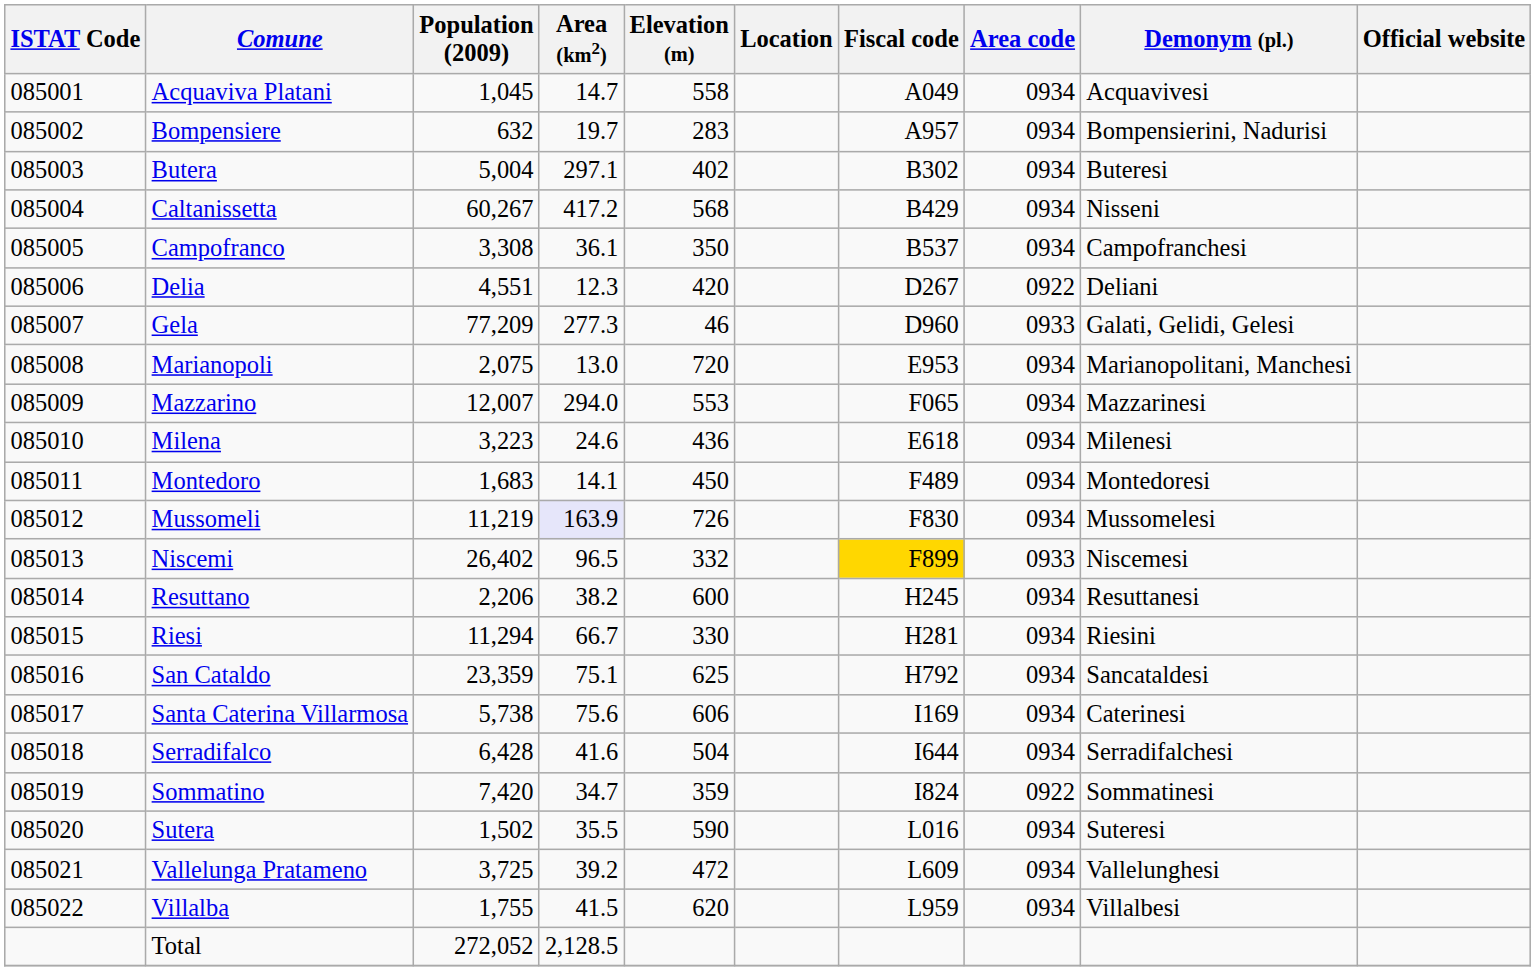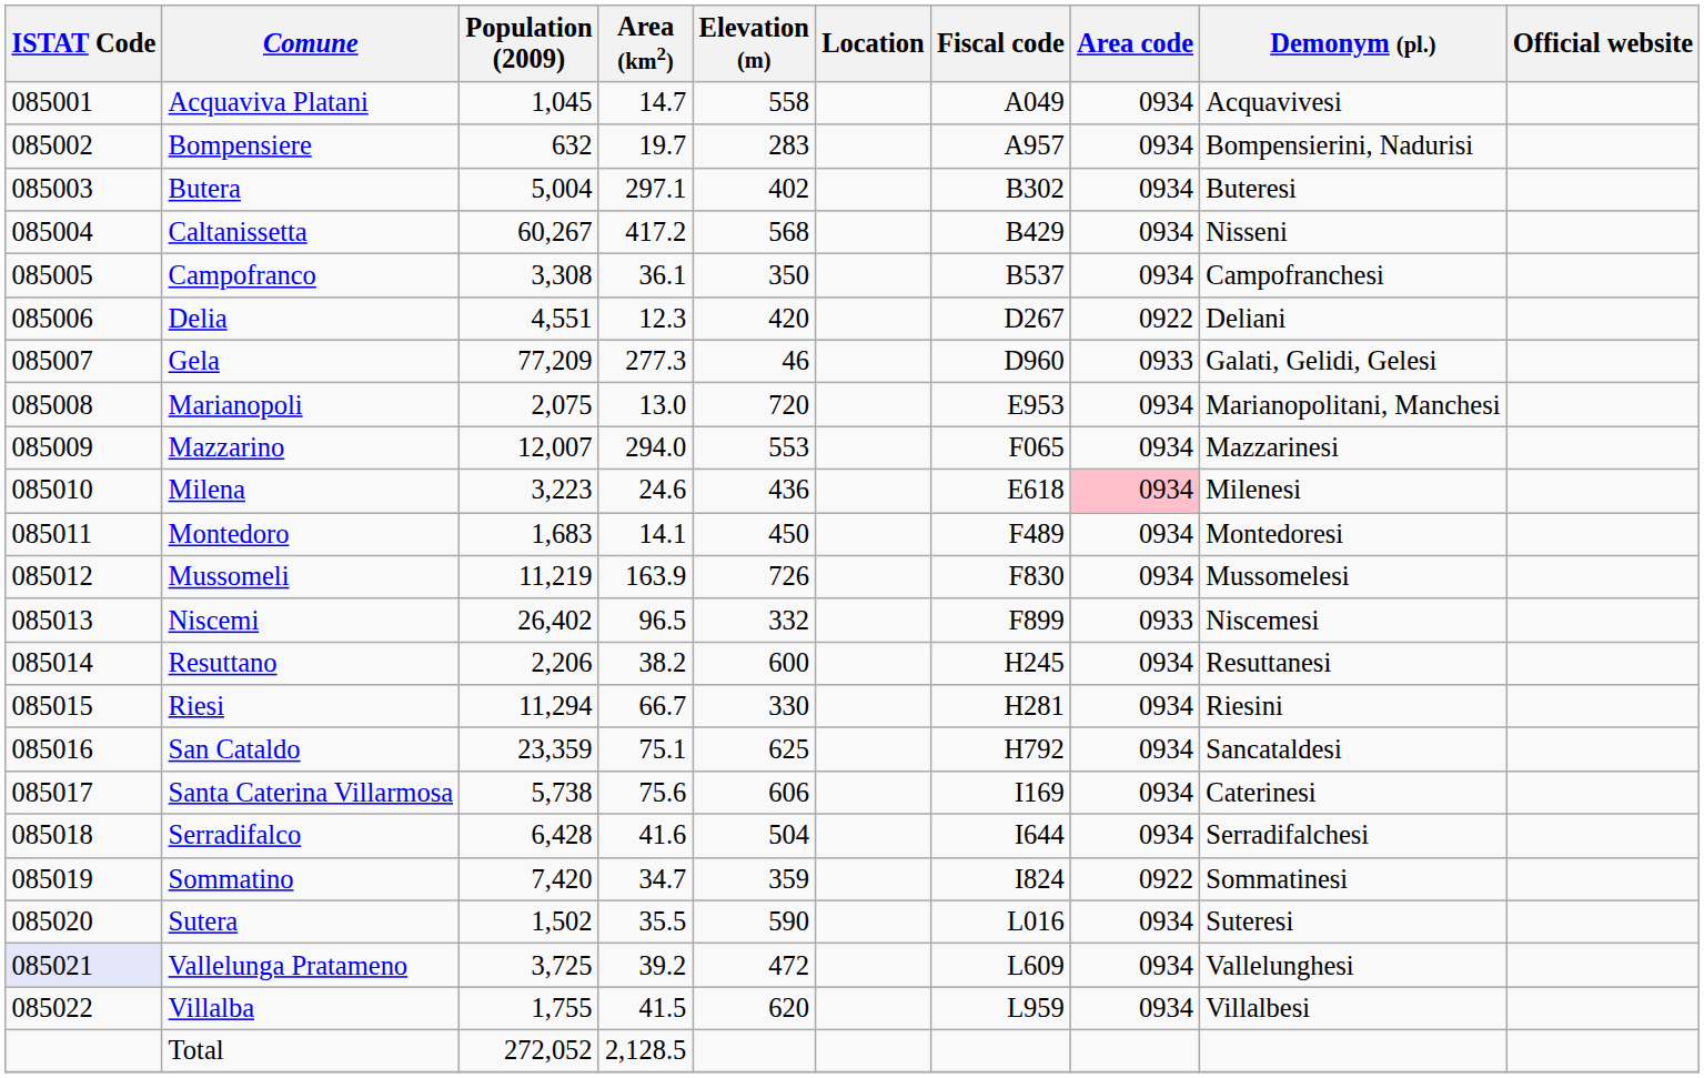 <table class="wikitable sortable">
 <tr>
 <th><a href='#'>ISTAT</a> Code</th>
 <th><em><a href='#'>Comune</a></em></th>
 <th>Population <br>(2009)</th>
 <th>Area<br><small>(km<sup>2</sup>)</small></th>
 <th>Elevation<br><small>(m)</small></th>
 <th>Location</th>
 <th>Fiscal code</th>
 <th><a href='#'>Area code</a></th>
 <th><a href='#'>Demonym</a> <small>(pl.)</small></th>
 <th>Official website</th>
 </tr>
 <tr>
 <td>085001</td>
 <td><a href='#'>Acquaviva Platani</a></td>
 <td align="right">1,045</td>
 <td align="right">14.7</td>
 <td align="right">558</td>
 <td></td>
 <td align="right">A049</td>
 <td align="right">0934</td>
 <td>Acquavivesi</td>
 <td></td>
 </tr>
 <tr>
 <td>085002</td>
 <td><a href='#'>Bompensiere</a></td>
 <td align="right">632</td>
 <td align="right">19.7</td>
 <td align="right">283</td>
 <td></td>
 <td align="right">A957</td>
 <td align="right">0934</td>
 <td>Bompensierini, Nadurisi</td>
 <td></td>
 </tr>
 <tr>
 <td>085003</td>
 <td><a href='#'>Butera</a></td>
 <td align="right">5,004</td>
 <td align="right">297.1</td>
 <td align="right">402</td>
 <td></td>
 <td align="right">B302</td>
 <td align="right">0934</td>
 <td>Buteresi</td>
 <td></td>
 </tr>
 <tr>
 <td>085004</td>
 <td><a href='#'>Caltanissetta</a></td>
 <td align="right">60,267</td>
 <td align="right">417.2</td>
 <td align="right">568</td>
 <td></td>
 <td align="right">B429</td>
 <td align="right">0934</td>
 <td>Nisseni</td>
 <td></td>
 </tr>
 <tr>
 <td>085005</td>
 <td><a href='#'>Campofranco</a></td>
 <td align="right">3,308</td>
 <td align="right">36.1</td>
 <td align="right">350</td>
 <td></td>
 <td align="right">B537</td>
 <td align="right">0934</td>
 <td>Campofranchesi</td>
 <td></td>
 </tr>
 <tr>
 <td>085006</td>
 <td><a href='#'>Delia</a></td>
 <td align="right">4,551</td>
 <td align="right">12.3</td>
 <td align="right">420</td>
 <td></td>
 <td align="right">D267</td>
 <td align="right">0922</td>
 <td>Deliani</td>
 <td></td>
 </tr>
 <tr>
 <td>085007</td>
 <td><a href='#'>Gela</a></td>
 <td align="right">77,209</td>
 <td align="right">277.3</td>
 <td align="right">46</td>
 <td></td>
 <td align="right">D960</td>
 <td align="right">0933</td>
 <td>Galati, Gelidi, Gelesi</td>
 <td></td>
 </tr>
 <tr>
 <td>085008</td>
 <td><a href='#'>Marianopoli</a></td>
 <td align="right">2,075</td>
 <td align="right">13.0</td>
 <td align="right">720</td>
 <td></td>
 <td align="right">E953</td>
 <td align="right">0934</td>
 <td>Marianopolitani, Manchesi</td>
 <td></td>
 </tr>
 <tr>
 <td>085009</td>
 <td><a href='#'>Mazzarino</a></td>
 <td align="right">12,007</td>
 <td align="right">294.0</td>
 <td align="right">553</td>
 <td></td>
 <td align="right">F065</td>
 <td align="right">0934</td>
 <td>Mazzarinesi</td>
 <td></td>
 </tr>
 <tr>
 <td>085010</td>
 <td><a href='#'>Milena</a></td>
 <td align="right">3,223</td>
 <td align="right">24.6</td>
 <td align="right">436</td>
 <td></td>
 <td align="right">E618</td>
-<td align="right">0934</td>
+<td align="right" style="background: pink;">0934</td>
 <td>Milenesi</td>
 <td></td>
 </tr>
 <tr>
 <td>085011</td>
 <td><a href='#'>Montedoro</a></td>
 <td align="right">1,683</td>
 <td align="right">14.1</td>
 <td align="right">450</td>
 <td></td>
 <td align="right">F489</td>
 <td align="right">0934</td>
 <td>Montedoresi</td>
 <td></td>
 </tr>
 <tr>
 <td>085012</td>
 <td><a href='#'>Mussomeli</a></td>
 <td align="right">11,219</td>
-<td align="right" style="background: lavender;">163.9</td>
+<td align="right">163.9</td>
 <td align="right">726</td>
 <td></td>
 <td align="right">F830</td>
 <td align="right">0934</td>
 <td>Mussomelesi</td>
 <td></td>
 </tr>
 <tr>
 <td>085013</td>
 <td><a href='#'>Niscemi</a></td>
 <td align="right">26,402</td>
 <td align="right">96.5</td>
 <td align="right">332</td>
 <td></td>
-<td align="right" style="background: gold;">F899</td>
+<td align="right">F899</td>
 <td align="right">0933</td>
 <td>Niscemesi</td>
 <td></td>
 </tr>
 <tr>
 <td>085014</td>
 <td><a href='#'>Resuttano</a></td>
 <td align="right">2,206</td>
 <td align="right">38.2</td>
 <td align="right">600</td>
 <td></td>
 <td align="right">H245</td>
 <td align="right">0934</td>
 <td>Resuttanesi</td>
 <td></td>
 </tr>
 <tr>
 <td>085015</td>
 <td><a href='#'>Riesi</a></td>
 <td align="right">11,294</td>
 <td align="right">66.7</td>
 <td align="right">330</td>
 <td></td>
 <td align="right">H281</td>
 <td align="right">0934</td>
 <td>Riesini</td>
 <td></td>
 </tr>
 <tr>
 <td>085016</td>
 <td><a href='#'>San Cataldo</a></td>
 <td align="right">23,359</td>
 <td align="right">75.1</td>
 <td align="right">625</td>
 <td></td>
 <td align="right">H792</td>
 <td align="right">0934</td>
 <td>Sancataldesi</td>
 <td></td>
 </tr>
 <tr>
 <td>085017</td>
 <td><a href='#'>Santa Caterina Villarmosa</a></td>
 <td align="right">5,738</td>
 <td align="right">75.6</td>
 <td align="right">606</td>
 <td></td>
 <td align="right">I169</td>
 <td align="right">0934</td>
 <td>Caterinesi</td>
 <td></td>
 </tr>
 <tr>
 <td>085018</td>
 <td><a href='#'>Serradifalco</a></td>
 <td align="right">6,428</td>
 <td align="right">41.6</td>
 <td align="right">504</td>
 <td></td>
 <td align="right">I644</td>
 <td align="right">0934</td>
 <td>Serradifalchesi</td>
 <td></td>
 </tr>
 <tr>
 <td>085019</td>
 <td><a href='#'>Sommatino</a></td>
 <td align="right">7,420</td>
 <td align="right">34.7</td>
 <td align="right">359</td>
 <td></td>
 <td align="right">I824</td>
 <td align="right">0922</td>
 <td>Sommatinesi</td>
 <td></td>
 </tr>
 <tr>
 <td>085020</td>
 <td><a href='#'>Sutera</a></td>
 <td align="right">1,502</td>
 <td align="right">35.5</td>
 <td align="right">590</td>
 <td></td>
 <td align="right">L016</td>
 <td align="right">0934</td>
 <td>Suteresi</td>
 <td></td>
 </tr>
 <tr>
-<td>085021</td>
+<td style="background: lavender;">085021</td>
 <td><a href='#'>Vallelunga Pratameno</a></td>
 <td align="right">3,725</td>
 <td align="right">39.2</td>
 <td align="right">472</td>
 <td></td>
 <td align="right">L609</td>
 <td align="right">0934</td>
 <td>Vallelunghesi</td>
 <td></td>
 </tr>
 <tr>
 <td>085022</td>
 <td><a href='#'>Villalba</a></td>
 <td align="right">1,755</td>
 <td align="right">41.5</td>
 <td align="right">620</td>
 <td></td>
 <td align="right">L959</td>
 <td align="right">0934</td>
 <td>Villalbesi</td>
 <td></td>
 </tr>
 <tr>
 <td></td>
 <td>Total</td>
 <td align="right">272,052</td>
 <td align="right">2,128.5</td>
 <td></td>
 <td></td>
 <td></td>
 <td></td>
 <td></td>
 <td></td>
 </tr>
 <tr>
 </tr>
 </table>
